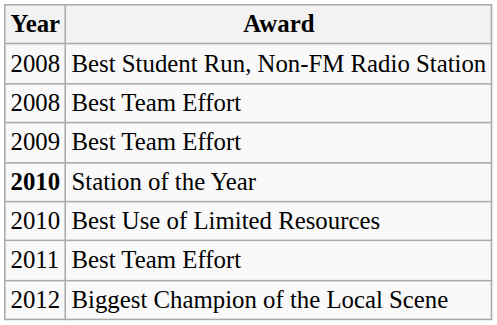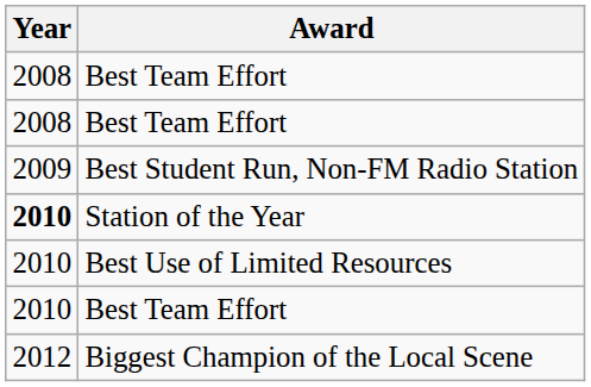 <table class="wikitable">
 <tr>
 <th>Year</th>
 <th>Award</th>
 </tr>
 <tr>
 <td>2008</td>
-<td>Best Student Run, Non-FM Radio Station</td>
+<td>Best Team Effort</td>
 </tr>
 <tr>
 <td>2008</td>
 <td>Best Team Effort</td>
 </tr>
 <tr>
 <td>2009</td>
-<td>Best Team Effort</td>
+<td>Best Student Run, Non-FM Radio Station</td>
 </tr>
 <tr>
 <td><strong>2010</strong></td>
 <td>Station of the Year</td>
 </tr>
 <tr>
 <td>2010</td>
 <td>Best Use of Limited Resources</td>
 </tr>
 <tr>
-<td>2011</td>
+<td>2010</td>
 <td>Best Team Effort</td>
 </tr>
 <tr>
 <td>2012</td>
 <td>Biggest Champion of the Local Scene</td>
 </tr>
 </table>
